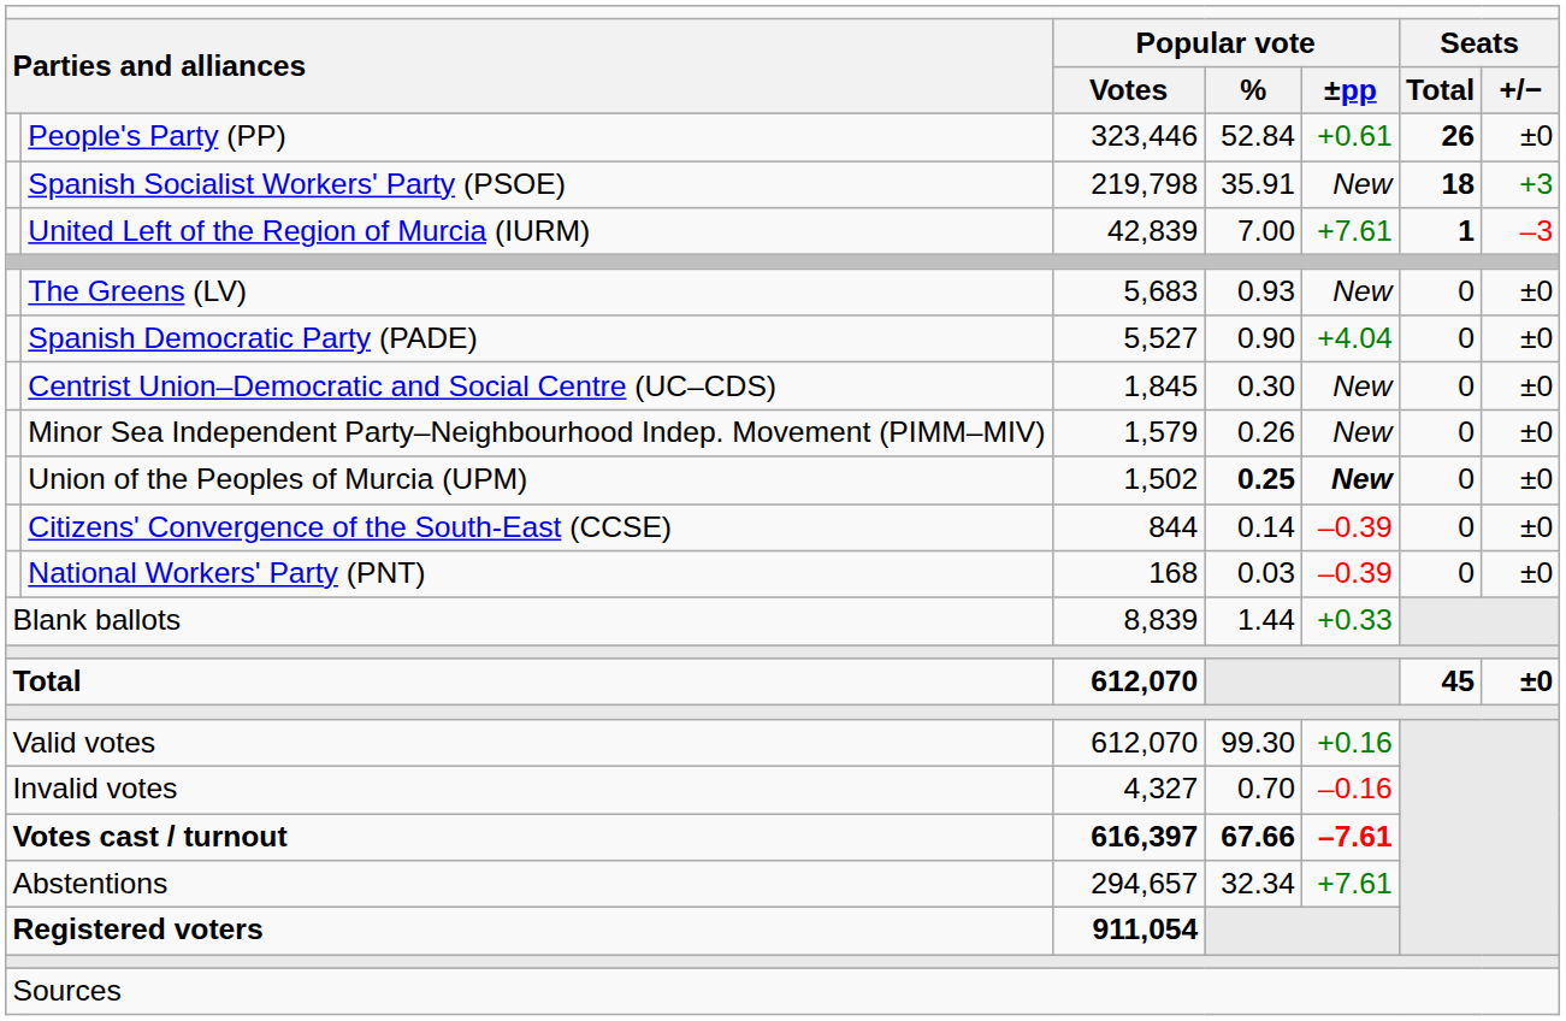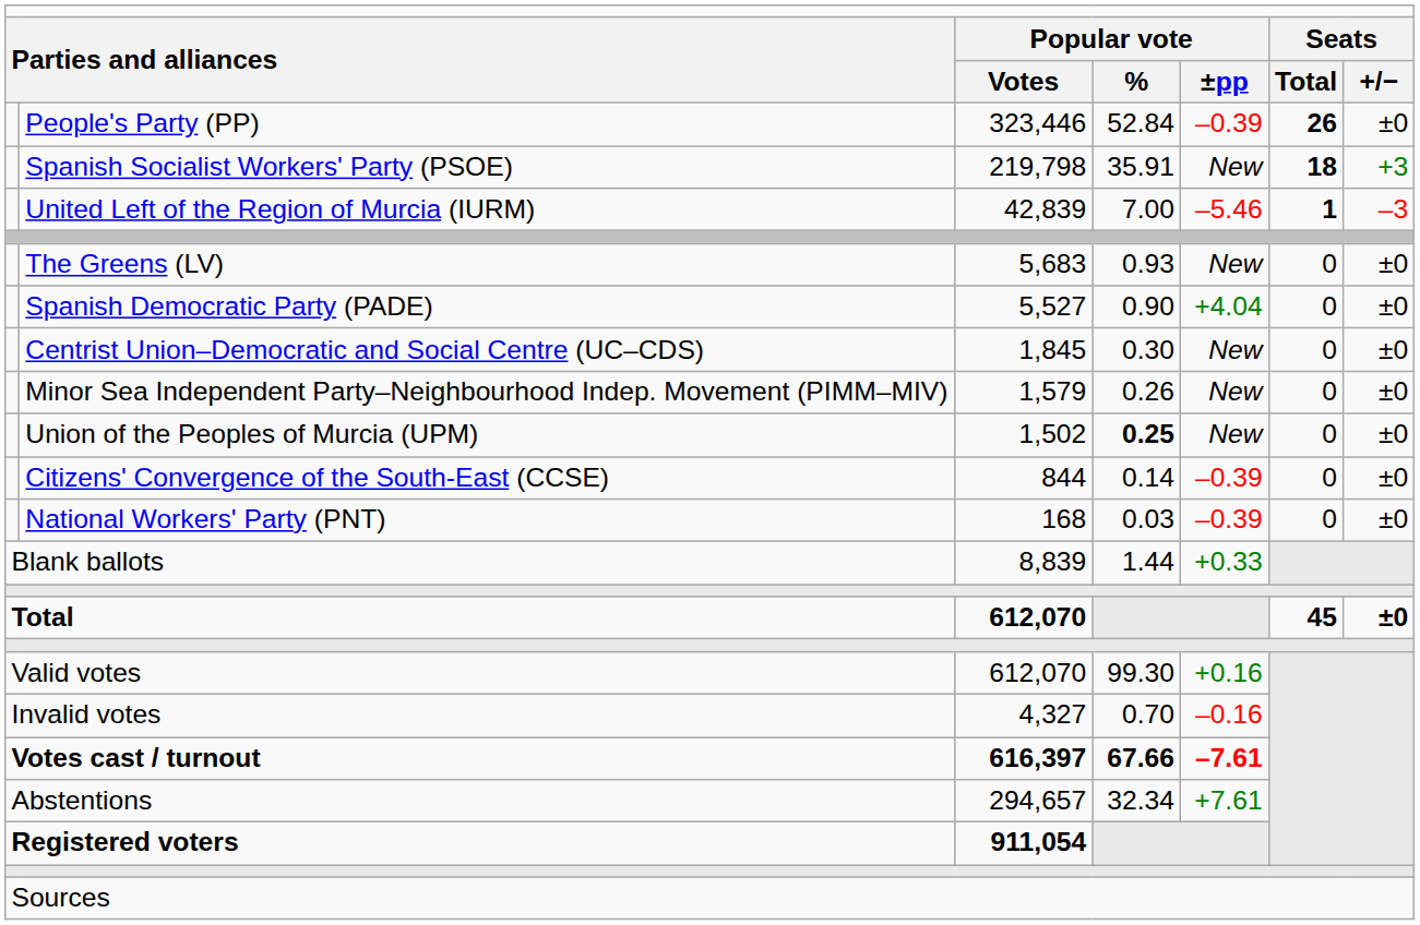 <table class="wikitable" style="text-align:right;">
 <tr>
 <td colspan="7"></td>
 </tr>
 <tr>
 <th style="text-align:left;" rowspan="2" colspan="2" width="525">Parties and alliances</th>
 <th colspan="3">Popular vote</th>
 <th colspan="2">Seats</th>
 </tr>
 <tr>
 <th width="75">Votes</th>
 <th width="45">%</th>
 <th width="45">±<a href='#'>pp</a></th>
 <th width="35">Total</th>
 <th width="35">+/−</th>
 </tr>
 <tr>
 <td width="1" style="color:inherit;background:"></td>
 <td align="left"><a href='#'>People's Party</a> (PP)</td>
 <td>323,446</td>
 <td>52.84</td>
-<td style="color:green;">+0.61</td>
+<td style="color:red;">–0.39</td>
 <td><strong>26</strong></td>
 <td>±0</td>
 </tr>
 <tr>
 <td style="color:inherit;background:"></td>
 <td align="left"><a href='#'>Spanish Socialist Workers' Party</a> (PSOE)</td>
 <td>219,798</td>
 <td>35.91</td>
 <td><em>New</em></td>
 <td><strong>18</strong></td>
 <td style="color:green;">+3</td>
 </tr>
 <tr>
 <td style="color:inherit;background:"></td>
 <td align="left"><a href='#'>United Left of the Region of Murcia</a> (IURM)</td>
 <td>42,839</td>
 <td>7.00</td>
-<td style="color:green;">+7.61</td>
+<td style="color:red;">–5.46</td>
 <td><strong>1</strong></td>
 <td style="color:red;">–3</td>
 </tr>
 <tr>
 <td colspan="7" bgcolor="#C0C0C0"></td>
 </tr>
 <tr>
 <td style="color:inherit;background:"></td>
 <td align="left"><a href='#'>The Greens</a> (LV)</td>
 <td>5,683</td>
 <td>0.93</td>
 <td><em>New</em></td>
 <td>0</td>
 <td>±0</td>
 </tr>
 <tr>
 <td style="color:inherit;background:"></td>
 <td align="left"><a href='#'>Spanish Democratic Party</a> (PADE)</td>
 <td>5,527</td>
 <td>0.90</td>
 <td style="color:green;">+4.04</td>
 <td>0</td>
 <td>±0</td>
 </tr>
 <tr>
 <td style="color:inherit;background:"></td>
 <td align="left"><a href='#'>Centrist Union–Democratic and Social Centre</a> (UC–CDS)</td>
 <td>1,845</td>
 <td>0.30</td>
 <td><em>New</em></td>
 <td>0</td>
 <td>±0</td>
 </tr>
 <tr>
 <td style="color:inherit;background:"></td>
 <td align="left">Minor Sea Independent Party–Neighbourhood Indep. Movement (PIMM–MIV)</td>
 <td>1,579</td>
 <td>0.26</td>
 <td><em>New</em></td>
 <td>0</td>
 <td>±0</td>
 </tr>
 <tr>
 <td style="color:inherit;background:"></td>
 <td align="left">Union of the Peoples of Murcia (UPM)</td>
 <td>1,502</td>
 <td><strong>0.25</strong></td>
-<td><strong><em>New</em></strong></td>
+<td><em>New</em></td>
 <td>0</td>
 <td>±0</td>
 </tr>
 <tr>
 <td style="color:inherit;background:"></td>
 <td align="left"><a href='#'>Citizens' Convergence of the South-East</a> (CCSE)</td>
 <td>844</td>
 <td>0.14</td>
 <td style="color:red;">–0.39</td>
 <td>0</td>
 <td>±0</td>
 </tr>
 <tr>
 <td style="color:inherit;background:"></td>
 <td align="left"><a href='#'>National Workers' Party</a> (PNT)</td>
 <td>168</td>
 <td>0.03</td>
 <td style="color:red;">–0.39</td>
 <td>0</td>
 <td>±0</td>
 </tr>
 <tr>
 <td align="left" colspan="2">Blank ballots</td>
 <td>8,839</td>
 <td>1.44</td>
 <td style="color:green;">+0.33</td>
 <td bgcolor="#E9E9E9" colspan="2"></td>
 </tr>
 <tr>
 <td colspan="7" bgcolor="#E9E9E9"></td>
 </tr>
 <tr style="font-weight:bold;">
 <td align="left" colspan="2">Total</td>
 <td>612,070</td>
 <td bgcolor="#E9E9E9" colspan="2"></td>
 <td>45</td>
 <td>±0</td>
 </tr>
 <tr>
 <td colspan="7" bgcolor="#E9E9E9"></td>
 </tr>
 <tr>
 <td align="left" colspan="2">Valid votes</td>
 <td>612,070</td>
 <td>99.30</td>
 <td style="color:green;">+0.16</td>
 <td bgcolor="#E9E9E9" colspan="2" rowspan="5"></td>
 </tr>
 <tr>
 <td align="left" colspan="2">Invalid votes</td>
 <td>4,327</td>
 <td>0.70</td>
 <td style="color:red;">–0.16</td>
 </tr>
 <tr style="font-weight:bold;">
 <td align="left" colspan="2">Votes cast / turnout</td>
 <td>616,397</td>
 <td>67.66</td>
 <td style="color:red;">–7.61</td>
 </tr>
 <tr>
 <td align="left" colspan="2">Abstentions</td>
 <td>294,657</td>
 <td>32.34</td>
 <td style="color:green;">+7.61</td>
 </tr>
 <tr style="font-weight:bold;">
 <td align="left" colspan="2">Registered voters</td>
 <td>911,054</td>
 <td bgcolor="#E9E9E9" colspan="2"></td>
 </tr>
 <tr>
 <td colspan="7" bgcolor="#E9E9E9"></td>
 </tr>
 <tr>
 <td align="left" colspan="7">Sources</td>
 </tr>
 </table>
